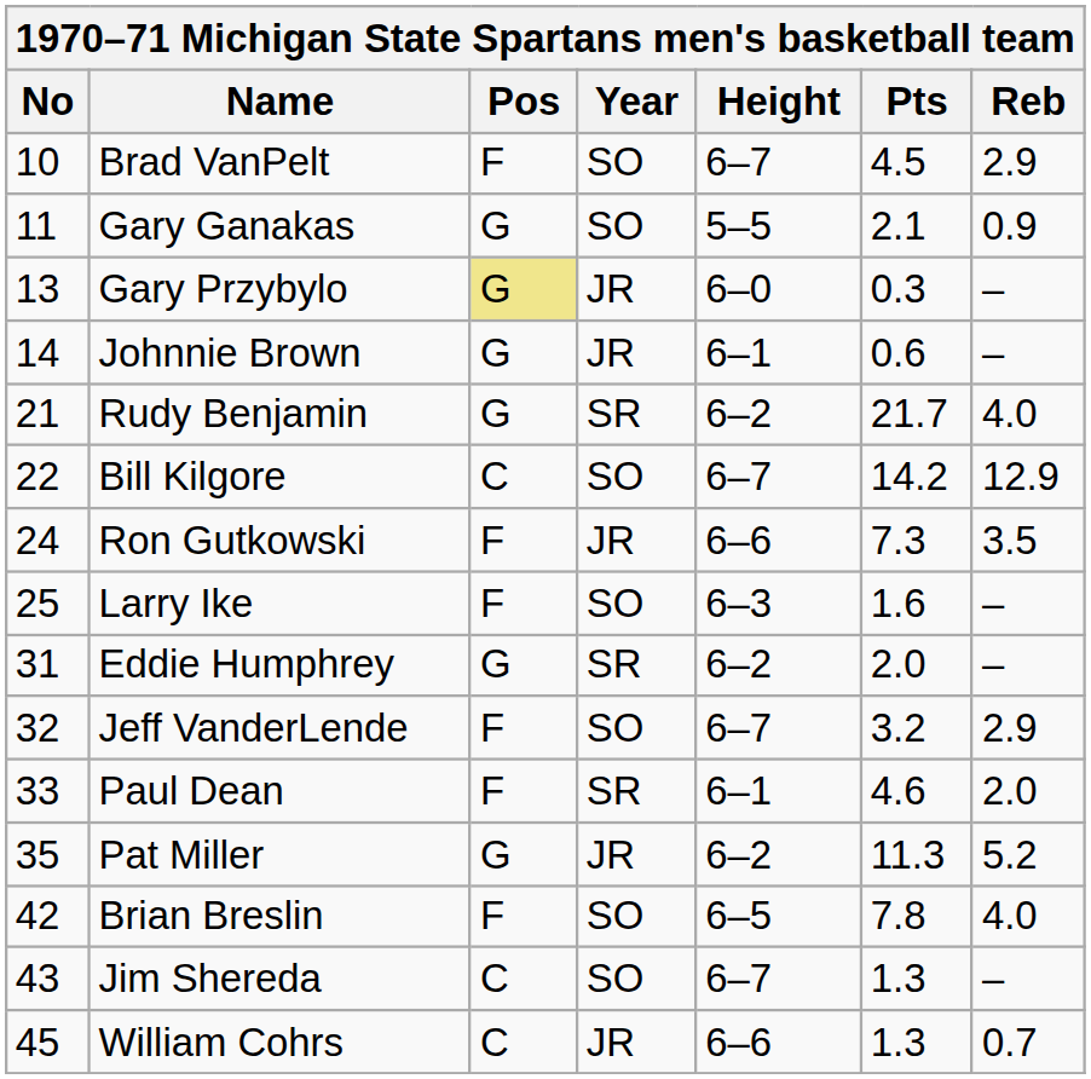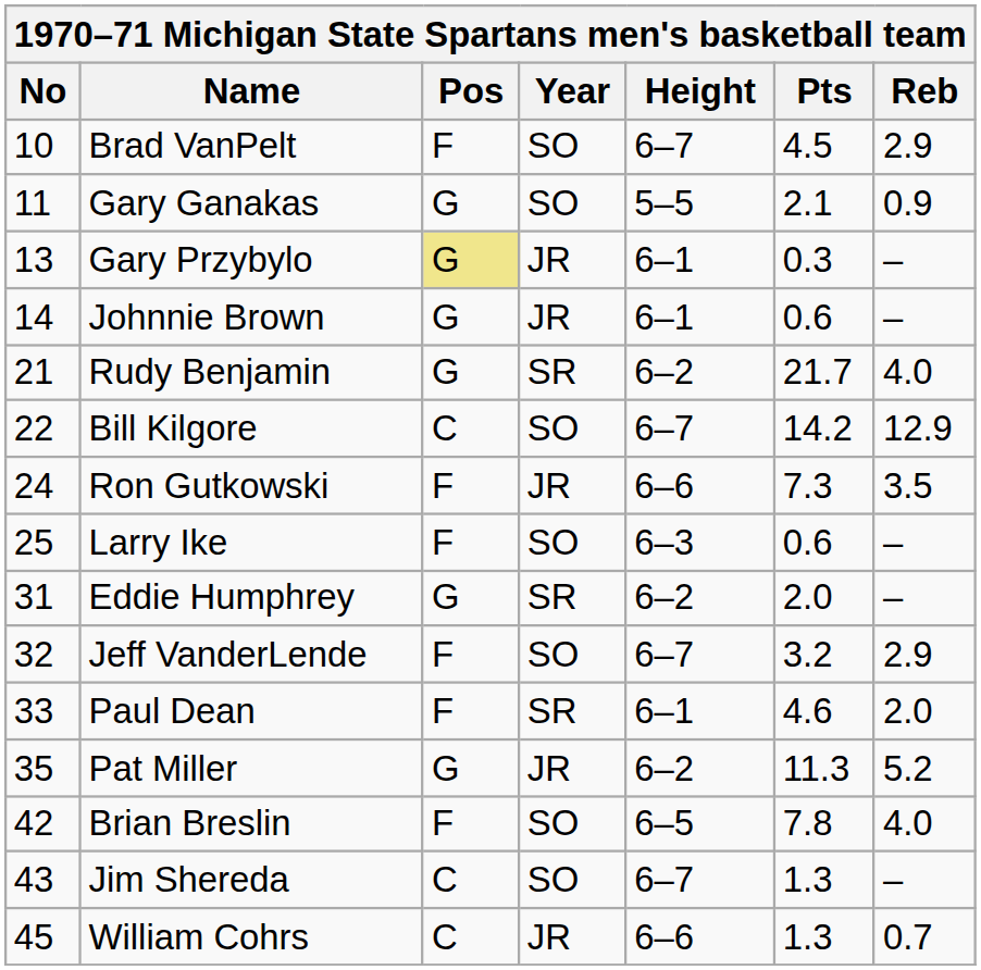 <table class="wikitable sortable" style="font-size: 90%" |->
 <tr>
 <th colspan=9 style=>1970–71 Michigan State Spartans men's basketball team</th>
 </tr>
 <tr>
 <th style="background:#">No</th>
 <th style="background:#">Name</th>
 <th style="background:#">Pos</th>
 <th style="background:#">Year</th>
 <th style="background:#">Height</th>
 <th style="background:#">Pts</th>
 <th style="background:#">Reb</th>
 </tr>
 <tr>
 <td>10</td>
 <td>Brad VanPelt</td>
 <td>F</td>
 <td>SO</td>
 <td>6–7</td>
 <td>4.5</td>
 <td>2.9</td>
 </tr>
 <tr>
 <td>11</td>
 <td>Gary Ganakas</td>
 <td>G</td>
 <td>SO</td>
 <td>5–5</td>
 <td>2.1</td>
 <td>0.9</td>
 </tr>
 <tr>
 <td>13</td>
 <td>Gary Przybylo</td>
 <td style="background: khaki;">G</td>
 <td>JR</td>
-<td>6–0</td>
+<td>6–1</td>
 <td>0.3</td>
 <td>–</td>
 </tr>
 <tr>
 <td>14</td>
 <td>Johnnie Brown</td>
 <td>G</td>
 <td>JR</td>
 <td>6–1</td>
 <td>0.6</td>
 <td>–</td>
 </tr>
 <tr>
 <td>21</td>
 <td>Rudy Benjamin</td>
 <td>G</td>
 <td>SR</td>
 <td>6–2</td>
 <td>21.7</td>
 <td>4.0</td>
 </tr>
 <tr>
 <td>22</td>
 <td>Bill Kilgore</td>
 <td>C</td>
 <td>SO</td>
 <td>6–7</td>
 <td>14.2</td>
 <td>12.9</td>
 </tr>
 <tr>
 <td>24</td>
 <td>Ron Gutkowski</td>
 <td>F</td>
 <td>JR</td>
 <td>6–6</td>
 <td>7.3</td>
 <td>3.5</td>
 </tr>
 <tr>
 <td>25</td>
 <td>Larry Ike</td>
 <td>F</td>
 <td>SO</td>
 <td>6–3</td>
-<td>1.6</td>
+<td>0.6</td>
 <td>–</td>
 </tr>
 <tr>
 <td>31</td>
 <td>Eddie Humphrey</td>
 <td>G</td>
 <td>SR</td>
 <td>6–2</td>
 <td>2.0</td>
 <td>–</td>
 </tr>
 <tr>
 <td>32</td>
 <td>Jeff VanderLende</td>
 <td>F</td>
 <td>SO</td>
 <td>6–7</td>
 <td>3.2</td>
 <td>2.9</td>
 </tr>
 <tr>
 <td>33</td>
 <td>Paul Dean</td>
 <td>F</td>
 <td>SR</td>
 <td>6–1</td>
 <td>4.6</td>
 <td>2.0</td>
 </tr>
 <tr>
 <td>35</td>
 <td>Pat Miller</td>
 <td>G</td>
 <td>JR</td>
 <td>6–2</td>
 <td>11.3</td>
 <td>5.2</td>
 </tr>
 <tr>
 <td>42</td>
 <td>Brian Breslin</td>
 <td>F</td>
 <td>SO</td>
 <td>6–5</td>
 <td>7.8</td>
 <td>4.0</td>
 </tr>
 <tr>
 <td>43</td>
 <td>Jim Shereda</td>
 <td>C</td>
 <td>SO</td>
 <td>6–7</td>
 <td>1.3</td>
 <td>–</td>
 </tr>
 <tr>
 <td>45</td>
 <td>William Cohrs</td>
 <td>C</td>
 <td>JR</td>
 <td>6–6</td>
 <td>1.3</td>
 <td>0.7</td>
 </tr>
 <tr>
 </tr>
 </table>
